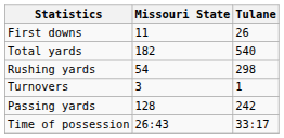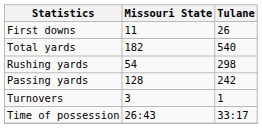 <table class="wikitable" style="float: left;">
 <tr>
 <th>Statistics</th>
 <th>Missouri State</th>
 <th>Tulane</th>
 </tr>
 <tr>
 <td>First downs</td>
 <td>11</td>
 <td>26</td>
 </tr>
 <tr>
 <td>Total yards</td>
 <td>182</td>
 <td>540</td>
 </tr>
 <tr>
 <td>Rushing yards</td>
 <td>54</td>
 <td>298</td>
 </tr>
 <tr>
+<td>Passing yards</td>
+<td>128</td>
+<td>242</td>
+</tr>
+<tr>
 <td>Turnovers</td>
 <td>3</td>
 <td>1</td>
-</tr>
-<tr>
-<td>Passing yards</td>
-<td>128</td>
-<td>242</td>
 </tr>
 <tr>
 <td>Time of possession</td>
 <td>26:43</td>
 <td>33:17</td>
 </tr>
 <tr>
 </tr>
 </table>
